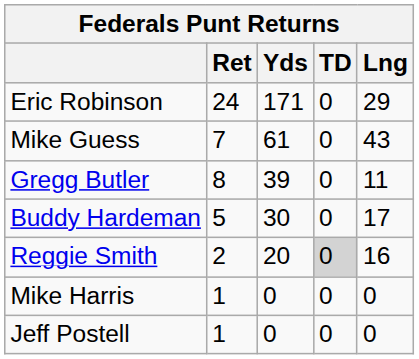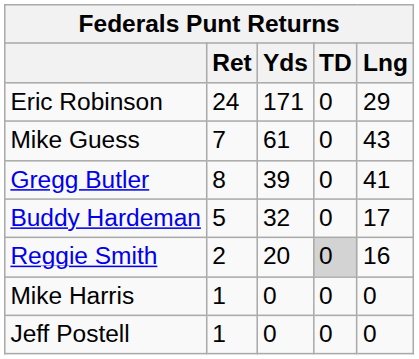 <table class="wikitable">
 <tr>
 <th colspan="5">Federals Punt Returns</th>
 </tr>
 <tr>
 <th></th>
 <th>Ret</th>
 <th>Yds</th>
 <th>TD</th>
 <th>Lng</th>
 </tr>
 <tr>
 <td>Eric Robinson</td>
 <td>24</td>
 <td>171</td>
 <td>0</td>
 <td>29</td>
 </tr>
 <tr>
 <td>Mike Guess</td>
 <td>7</td>
 <td>61</td>
 <td>0</td>
 <td>43</td>
 </tr>
 <tr>
 <td><a href='#'>Gregg Butler</a></td>
 <td>8</td>
 <td>39</td>
 <td>0</td>
-<td>11</td>
+<td>41</td>
 </tr>
 <tr>
 <td><a href='#'>Buddy Hardeman</a></td>
 <td>5</td>
-<td>30</td>
+<td>32</td>
 <td>0</td>
 <td>17</td>
 </tr>
 <tr>
 <td><a href='#'>Reggie Smith</a></td>
 <td>2</td>
 <td>20</td>
 <td style="background: lightgrey;">0</td>
 <td>16</td>
 </tr>
 <tr>
 <td>Mike Harris</td>
 <td>1</td>
 <td>0</td>
 <td>0</td>
 <td>0</td>
 </tr>
 <tr>
 <td>Jeff Postell</td>
 <td>1</td>
 <td>0</td>
 <td>0</td>
 <td>0</td>
 </tr>
 </table>
